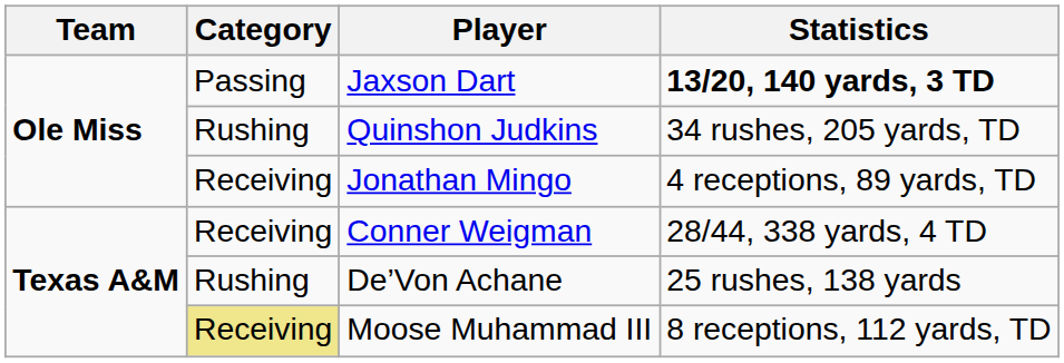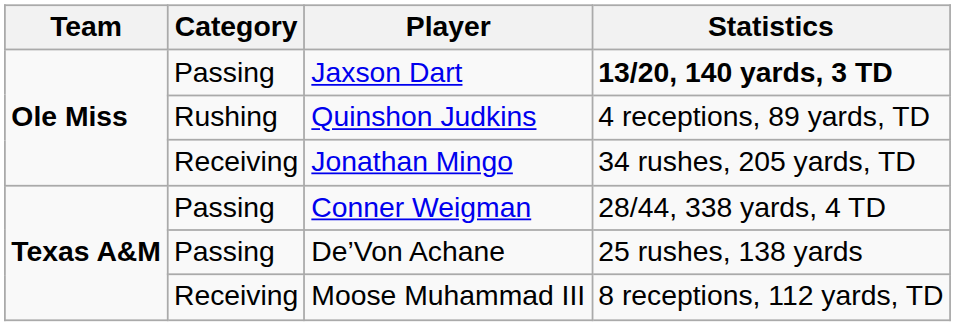 <table class="wikitable" style="float: right;">
 <tr>
 <th>Team</th>
 <th>Category</th>
 <th>Player</th>
 <th>Statistics</th>
 </tr>
 <tr>
 <td rowspan=3><strong>Ole Miss</strong></td>
 <td>Passing</td>
 <td><a href='#'>Jaxson Dart</a></td>
 <td><strong>13/20, 140 yards, 3 TD</strong></td>
 </tr>
 <tr>
 <td>Rushing</td>
 <td><a href='#'>Quinshon Judkins</a></td>
-<td>34 rushes, 205 yards, TD</td>
+<td>4 receptions, 89 yards, TD</td>
 </tr>
 <tr>
 <td>Receiving</td>
 <td><a href='#'>Jonathan Mingo</a></td>
-<td>4 receptions, 89 yards, TD</td>
+<td>34 rushes, 205 yards, TD</td>
 </tr>
 <tr>
 <td rowspan=3><strong>Texas A&M</strong></td>
-<td>Receiving</td>
+<td>Passing</td>
 <td><a href='#'>Conner Weigman</a></td>
 <td>28/44, 338 yards, 4 TD</td>
 </tr>
 <tr>
-<td>Rushing</td>
+<td>Passing</td>
 <td>De’Von Achane</td>
 <td>25 rushes, 138 yards</td>
 </tr>
 <tr>
-<td style="background: khaki;">Receiving</td>
+<td>Receiving</td>
 <td>Moose Muhammad III</td>
 <td>8 receptions, 112 yards, TD</td>
 </tr>
 </table>
